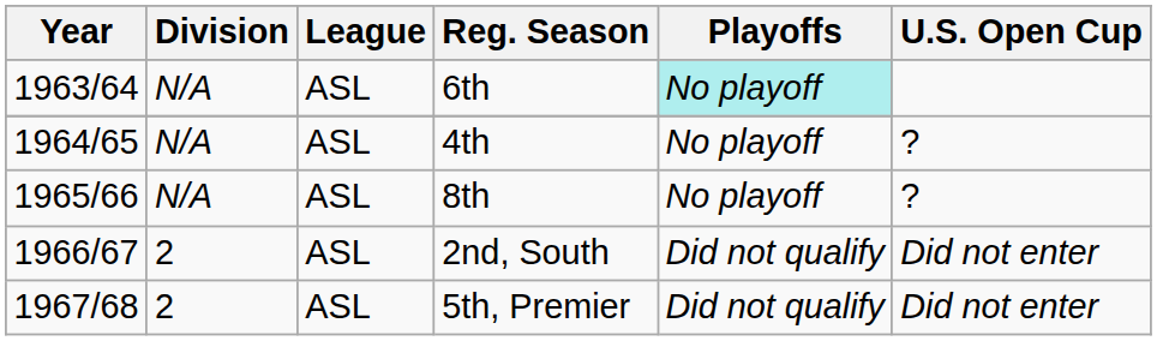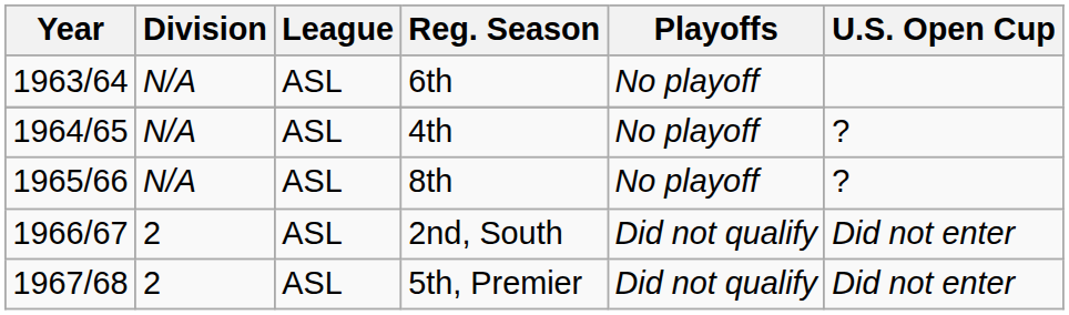 <table class="wikitable">
 <tr>
 <th>Year</th>
 <th>Division</th>
 <th>League</th>
 <th>Reg. Season</th>
 <th>Playoffs</th>
 <th>U.S. Open Cup</th>
 </tr>
 <tr>
 <td>1963/64</td>
 <td><em>N/A</em></td>
 <td>ASL</td>
 <td>6th</td>
-<td style="background: paleturquoise;"><em>No playoff</em></td>
+<td><em>No playoff</em></td>
 </tr>
 <tr>
 </tr>
 <tr>
 <td>1964/65</td>
 <td><em>N/A</em></td>
 <td>ASL</td>
 <td>4th</td>
 <td><em>No playoff</em></td>
 <td>?</td>
 </tr>
 <tr>
 <td>1965/66</td>
 <td><em>N/A</em></td>
 <td>ASL</td>
 <td>8th</td>
 <td><em>No playoff</em></td>
 <td>?</td>
 </tr>
 <tr>
 <td>1966/67</td>
 <td>2</td>
 <td>ASL</td>
 <td>2nd, South</td>
 <td><em>Did not qualify</em></td>
 <td><em>Did not enter</em></td>
 </tr>
 <tr>
 <td>1967/68</td>
 <td>2</td>
 <td>ASL</td>
 <td>5th, Premier</td>
 <td><em>Did not qualify</em></td>
 <td><em>Did not enter</em></td>
 </tr>
 </table>
